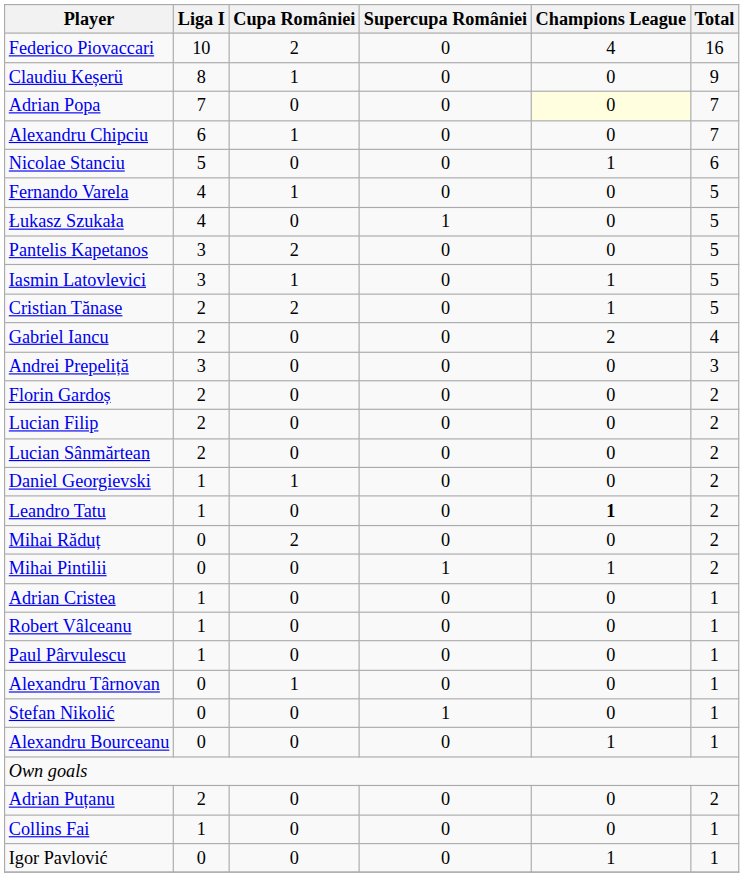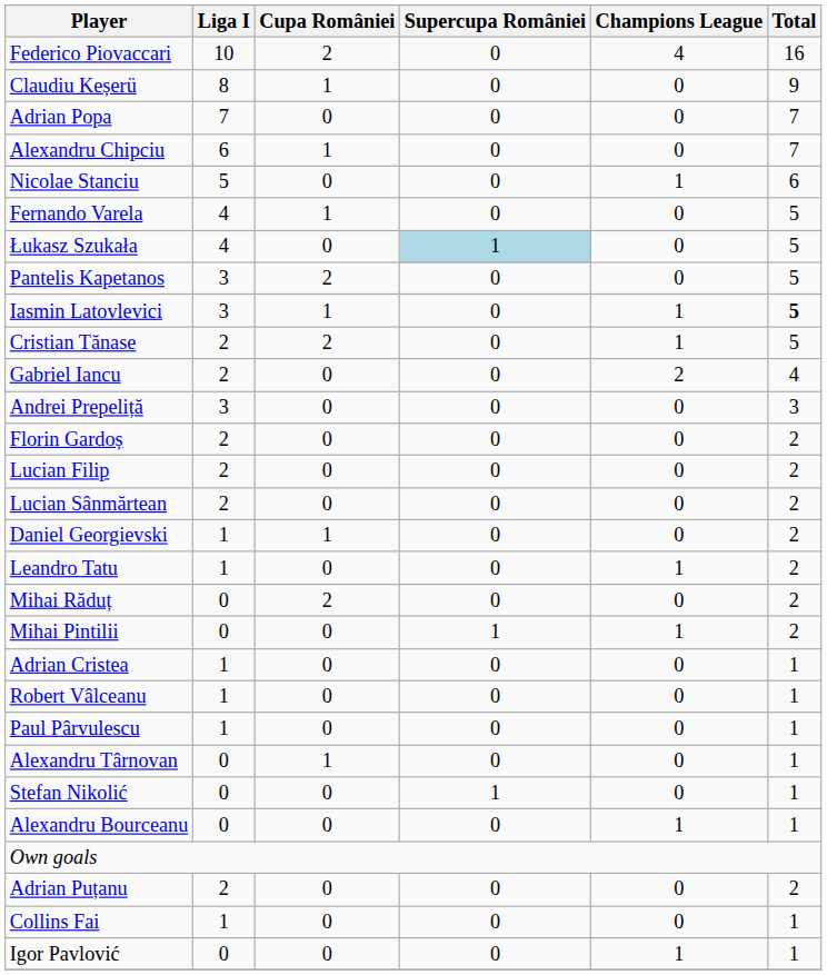 <table class="wikitable sortable">
 <tr>
 <th>Player</th>
 <th>Liga I</th>
 <th>Cupa României</th>
 <th>Supercupa României</th>
 <th>Champions League</th>
 <th>Total</th>
 </tr>
 <tr>
 <td style="text-align:left;"> <a href='#'>Federico Piovaccari</a></td>
 <td align=center>10</td>
 <td align=center>2</td>
 <td align=center>0</td>
 <td align=center>4</td>
 <td align=center>16</td>
 </tr>
 <tr>
 <td style="text-align:left;"> <a href='#'>Claudiu Keșerü</a></td>
 <td align=center>8</td>
 <td align=center>1</td>
 <td align=center>0</td>
 <td align=center>0</td>
 <td align=center>9</td>
 </tr>
 <tr>
 <td style="text-align:left;"> <a href='#'>Adrian Popa</a></td>
 <td align=center>7</td>
 <td align=center>0</td>
 <td align=center>0</td>
-<td align=center style="background: lightyellow;">0</td>
+<td align=center>0</td>
 <td align=center>7</td>
 </tr>
 <tr>
 <td style="text-align:left;"> <a href='#'>Alexandru Chipciu</a></td>
 <td align=center>6</td>
 <td align=center>1</td>
 <td align=center>0</td>
 <td align=center>0</td>
 <td align=center>7</td>
 </tr>
 <tr>
 <td style="text-align:left;"> <a href='#'>Nicolae Stanciu</a></td>
 <td align=center>5</td>
 <td align=center>0</td>
 <td align=center>0</td>
 <td align=center>1</td>
 <td align=center>6</td>
 </tr>
 <tr>
 <td style="text-align:left;"> <a href='#'>Fernando Varela</a></td>
 <td align=center>4</td>
 <td align=center>1</td>
 <td align=center>0</td>
 <td align=center>0</td>
 <td align=center>5</td>
 </tr>
 <tr>
 <td style="text-align:left;"> <a href='#'>Łukasz Szukała</a></td>
 <td align=center>4</td>
 <td align=center>0</td>
-<td align=center>1</td>
+<td align=center style="background: lightblue;">1</td>
 <td align=center>0</td>
 <td align=center>5</td>
 </tr>
 <tr>
 <td style="text-align:left;"> <a href='#'>Pantelis Kapetanos</a></td>
 <td align=center>3</td>
 <td align=center>2</td>
 <td align=center>0</td>
 <td align=center>0</td>
 <td align=center>5</td>
 </tr>
 <tr>
 <td style="text-align:left;"> <a href='#'>Iasmin Latovlevici</a></td>
 <td align=center>3</td>
 <td align=center>1</td>
 <td align=center>0</td>
 <td align=center>1</td>
-<td align=center>5</td>
+<td align=center><strong>5</strong></td>
 </tr>
 <tr>
 <td style="text-align:left;"> <a href='#'>Cristian Tănase</a></td>
 <td align=center>2</td>
 <td align=center>2</td>
 <td align=center>0</td>
 <td align=center>1</td>
 <td align=center>5</td>
 </tr>
 <tr>
 <td style="text-align:left;"> <a href='#'>Gabriel Iancu</a></td>
 <td align=center>2</td>
 <td align=center>0</td>
 <td align=center>0</td>
 <td align=center>2</td>
 <td align=center>4</td>
 </tr>
 <tr>
 <td style="text-align:left;"> <a href='#'>Andrei Prepeliță</a></td>
 <td align=center>3</td>
 <td align=center>0</td>
 <td align=center>0</td>
 <td align=center>0</td>
 <td align=center>3</td>
 </tr>
 <tr>
 <td style="text-align:left;"> <a href='#'>Florin Gardoș</a></td>
 <td align=center>2</td>
 <td align=center>0</td>
 <td align=center>0</td>
 <td align=center>0</td>
 <td align=center>2</td>
 </tr>
 <tr>
 <td style="text-align:left;"> <a href='#'>Lucian Filip</a></td>
 <td align=center>2</td>
 <td align=center>0</td>
 <td align=center>0</td>
 <td align=center>0</td>
 <td align=center>2</td>
 </tr>
 <tr>
 <td style="text-align:left;"> <a href='#'>Lucian Sânmărtean</a></td>
 <td align=center>2</td>
 <td align=center>0</td>
 <td align=center>0</td>
 <td align=center>0</td>
 <td align=center>2</td>
 </tr>
 <tr>
 <td style="text-align:left;"> <a href='#'>Daniel Georgievski</a></td>
 <td align=center>1</td>
 <td align=center>1</td>
 <td align=center>0</td>
 <td align=center>0</td>
 <td align=center>2</td>
 </tr>
 <tr>
 <td style="text-align:left;"> <a href='#'>Leandro Tatu</a></td>
 <td align=center>1</td>
 <td align=center>0</td>
 <td align=center>0</td>
-<td align=center><strong>1</strong></td>
+<td align=center>1</td>
 <td align=center>2</td>
 </tr>
 <tr>
 <td style="text-align:left;"> <a href='#'>Mihai Răduț</a></td>
 <td align=center>0</td>
 <td align=center>2</td>
 <td align=center>0</td>
 <td align=center>0</td>
 <td align=center>2</td>
 </tr>
 <tr>
 <td style="text-align:left;"> <a href='#'>Mihai Pintilii</a></td>
 <td align=center>0</td>
 <td align=center>0</td>
 <td align=center>1</td>
 <td align=center>1</td>
 <td align=center>2</td>
 </tr>
 <tr>
 <td style="text-align:left;"> <a href='#'>Adrian Cristea</a></td>
 <td align=center>1</td>
 <td align=center>0</td>
 <td align=center>0</td>
 <td align=center>0</td>
 <td align=center>1</td>
 </tr>
 <tr>
 <td style="text-align:left;"> <a href='#'>Robert Vâlceanu</a></td>
 <td align=center>1</td>
 <td align=center>0</td>
 <td align=center>0</td>
 <td align=center>0</td>
 <td align=center>1</td>
 </tr>
 <tr>
 <td style="text-align:left;"> <a href='#'>Paul Pârvulescu</a></td>
 <td align=center>1</td>
 <td align=center>0</td>
 <td align=center>0</td>
 <td align=center>0</td>
 <td align=center>1</td>
 </tr>
 <tr>
 <td style="text-align:left;"> <a href='#'>Alexandru Târnovan</a></td>
 <td align=center>0</td>
 <td align=center>1</td>
 <td align=center>0</td>
 <td align=center>0</td>
 <td align=center>1</td>
 </tr>
 <tr>
 <td style="text-align:left;"> <a href='#'>Stefan Nikolić</a></td>
 <td align=center>0</td>
 <td align=center>0</td>
 <td align=center>1</td>
 <td align=center>0</td>
 <td align=center>1</td>
 </tr>
 <tr>
 <td style="text-align:left;"> <a href='#'>Alexandru Bourceanu</a></td>
 <td align=center>0</td>
 <td align=center>0</td>
 <td align=center>0</td>
 <td align=center>1</td>
 <td align=center>1</td>
 </tr>
 <tr>
 <td colspan="8"><em>Own goals</em></td>
 </tr>
 <tr>
 <td style="text-align:left;"> <a href='#'>Adrian Puțanu</a></td>
 <td align=center>2</td>
 <td align=center>0</td>
 <td align=center>0</td>
 <td align=center>0</td>
 <td align=center>2</td>
 </tr>
 <tr>
 <td style="text-align:left;"> <a href='#'>Collins Fai</a></td>
 <td align=center>1</td>
 <td align=center>0</td>
 <td align=center>0</td>
 <td align=center>0</td>
 <td align=center>1</td>
 </tr>
 <tr>
 <td style="text-align:left;"> Igor Pavlović</td>
 <td align=center>0</td>
 <td align=center>0</td>
 <td align=center>0</td>
 <td align=center>1</td>
 <td align=center>1</td>
 </tr>
 <tr>
 </tr>
 </table>
